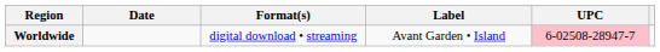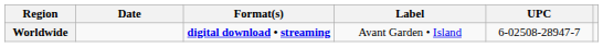 <table class="wikitable plainrowheaders">
 <tr>
 <th scope="col", style="width:90px;">Region</th>
 <th scope="col", style="width:140px;">Date</th>
 <th scope="col", style="width:200px;">Format(s)</th>
 <th scope="col", style="width:200px;">Label</th>
 <th scope="col", style="width:140px;">UPC</th>
 <th scope="col"></th>
 </tr>
 <tr>
 <th scope="row", rowspan="2", style="text-align:center;">Worldwide</th>
 <td style="text-align:center;"></td>
-<td style="text-align:center;"><a href='#'>digital download</a> • <a href='#'>streaming</a></td>
+<td style="text-align:center;"><strong><a href='#'>digital download</a> • <a href='#'>streaming</a></strong></td>
 <td style="text-align:center;">Avant Garden • <a href='#'>Island</a></td>
-<td style="background: pink; text-align:center;">6-02508-28947-7</td>
+<td style="text-align:center;">6-02508-28947-7</td>
 <td style="text-align:center;"></td>
 </tr>
 </table>
